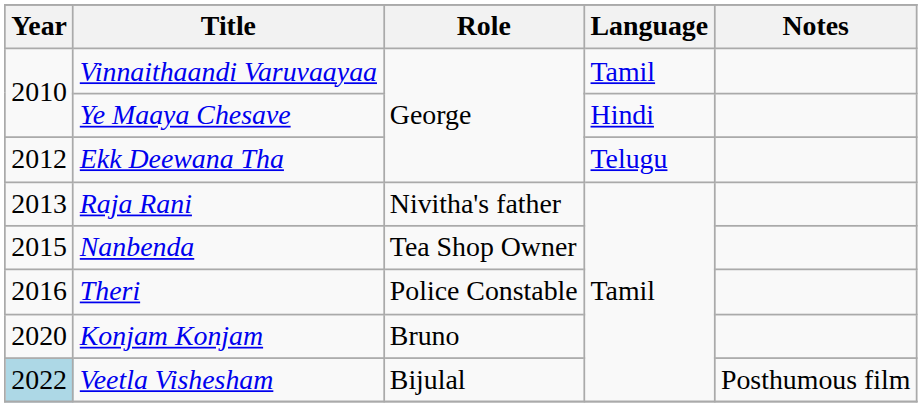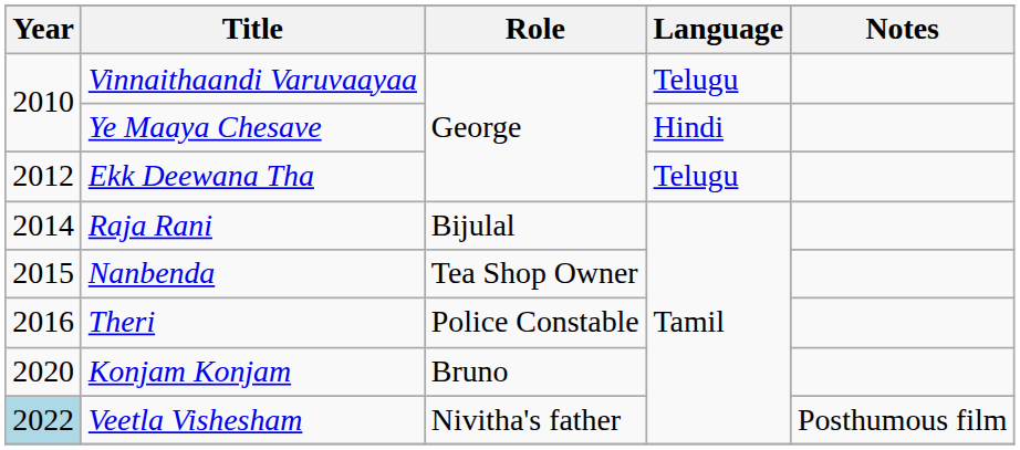 <table class="wikitable sortable">
 <tr style="background:#B0C4DE">
 </tr>
 <tr>
 <th>Year</th>
 <th>Title</th>
 <th>Role</th>
 <th>Language</th>
 <th>Notes</th>
 </tr>
 <tr>
 <td rowspan="2">2010</td>
 <td><em><a href='#'>Vinnaithaandi Varuvaayaa</a></em></td>
 <td rowspan="3">George</td>
-<td><a href='#'>Tamil</a></td>
+<td><a href='#'>Telugu</a></td>
 <td></td>
 </tr>
 <tr>
 <td><em><a href='#'>Ye Maaya Chesave</a></em></td>
 <td><a href='#'>Hindi</a></td>
 <td></td>
 </tr>
 <tr>
 <td>2012</td>
 <td><em><a href='#'>Ekk Deewana Tha</a></em></td>
 <td><a href='#'>Telugu</a></td>
 <td></td>
 </tr>
 <tr>
-<td>2013</td>
+<td>2014</td>
 <td><em><a href='#'>Raja Rani</a></em></td>
-<td>Nivitha's father</td>
+<td>Bijulal</td>
 <td rowspan="5">Tamil</td>
 <td></td>
 </tr>
 <tr>
 <td>2015</td>
 <td><em><a href='#'>Nanbenda</a></em></td>
 <td>Tea Shop Owner</td>
 <td></td>
 </tr>
 <tr>
 <td>2016</td>
 <td><em><a href='#'>Theri</a></em></td>
 <td>Police Constable</td>
 <td></td>
 </tr>
 <tr>
 <td>2020</td>
 <td><em><a href='#'>Konjam Konjam</a></em></td>
 <td>Bruno</td>
 <td></td>
 </tr>
 <tr>
 <td style="background: lightblue;">2022</td>
 <td><em><a href='#'>Veetla Vishesham</a></em></td>
-<td>Bijulal</td>
+<td>Nivitha's father</td>
 <td>Posthumous film</td>
 </tr>
 <tr>
 </tr>
 </table>
